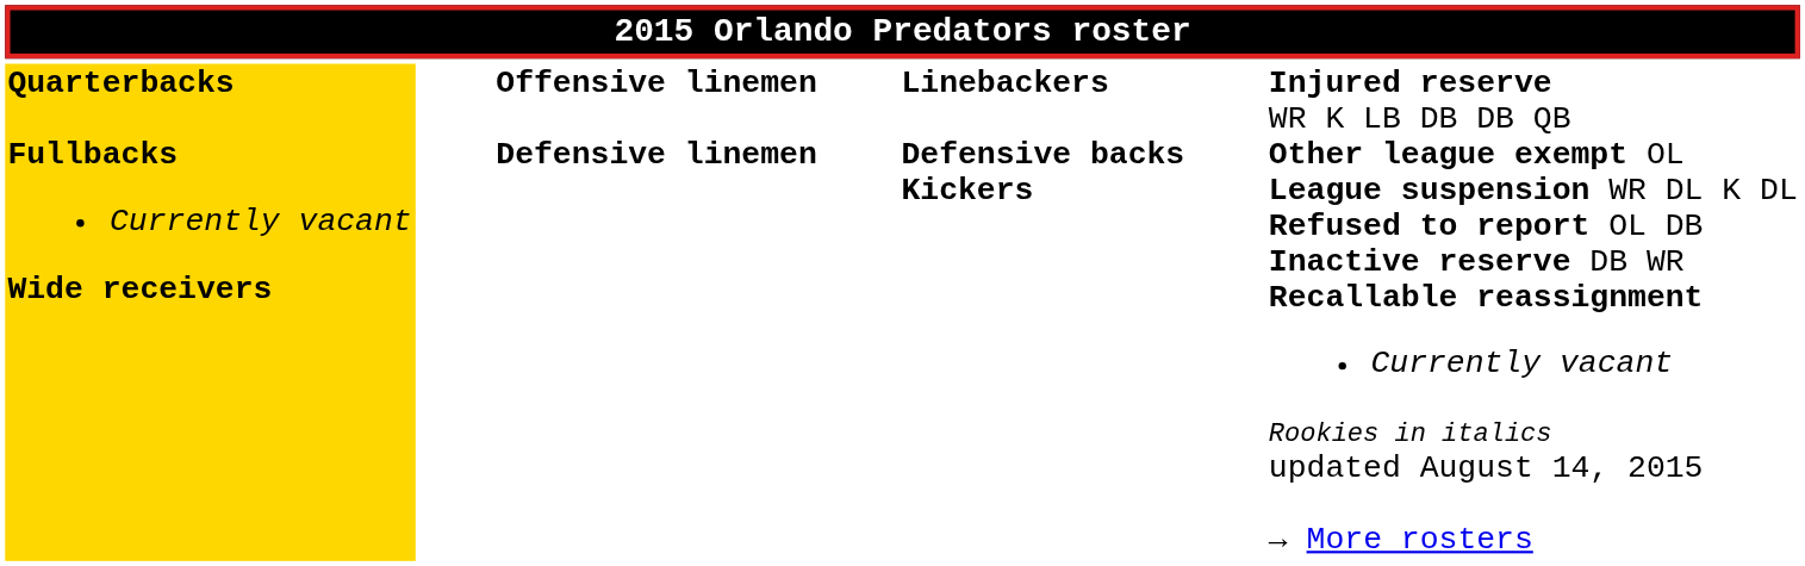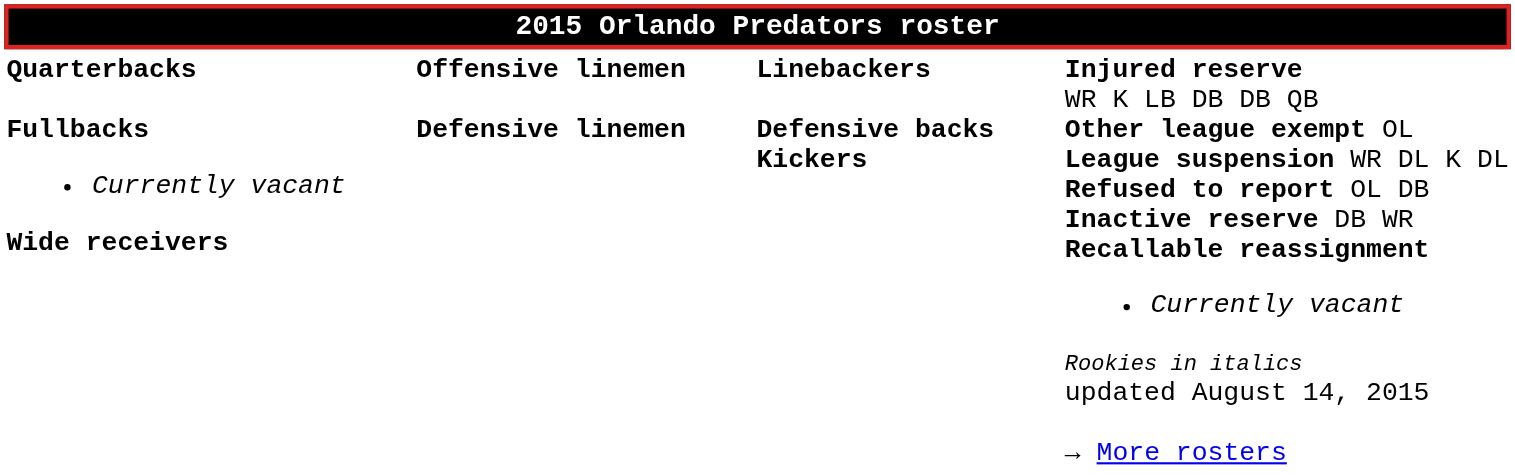 <table class="toccolours" style="text-align: left;">
 <tr>
 <th colspan=7 style="background:black; border: 2px solid #d22; color:white; text-align:center;"><strong>2015 Orlando Predators roster</strong></th>
 </tr>
 <tr>
-<td style="background: gold; font-size: 95%;vertical-align:top;"><strong>Quarterbacks</strong><br> <br><strong>Fullbacks</strong><ul><li><em>Currently vacant</em></li></ul><strong>Wide receivers</strong>      </td>
+<td style="font-size: 95%;vertical-align:top;"><strong>Quarterbacks</strong><br> <br><strong>Fullbacks</strong><ul><li><em>Currently vacant</em></li></ul><strong>Wide receivers</strong>      </td>
 <td style="width: 25px;"></td>
 <td style="font-size: 95%;vertical-align:top;"><strong>Offensive linemen</strong><br>   <br><strong>Defensive linemen</strong>      </td>
 <td style="width: 25px;"></td>
 <td style="font-size: 95%;vertical-align:top;"><strong>Linebackers</strong><br><br><strong>Defensive backs</strong>    <br><strong>Kickers</strong> </td>
 <td style="width: 25px;"></td>
 <td style="font-size: 95%;vertical-align:top;"><strong>Injured reserve</strong><br> WR  K  LB  DB  DB  QB<br><strong>Other league exempt</strong>    OL  <br><strong>League suspension</strong>     WR  DL  K  DL<br><strong>Refused to report</strong>  OL  DB<br><strong>Inactive reserve</strong>  DB  WR<br><strong>Recallable reassignment</strong><ul><li><em>Currently vacant</em></li></ul><small><em>Rookies in italics</em></small><br> <span></span> updated August 14, 2015<br> <br>→ <a href='#'>More rosters</a></td>
 </tr>
 <tr>
 </tr>
 </table>
